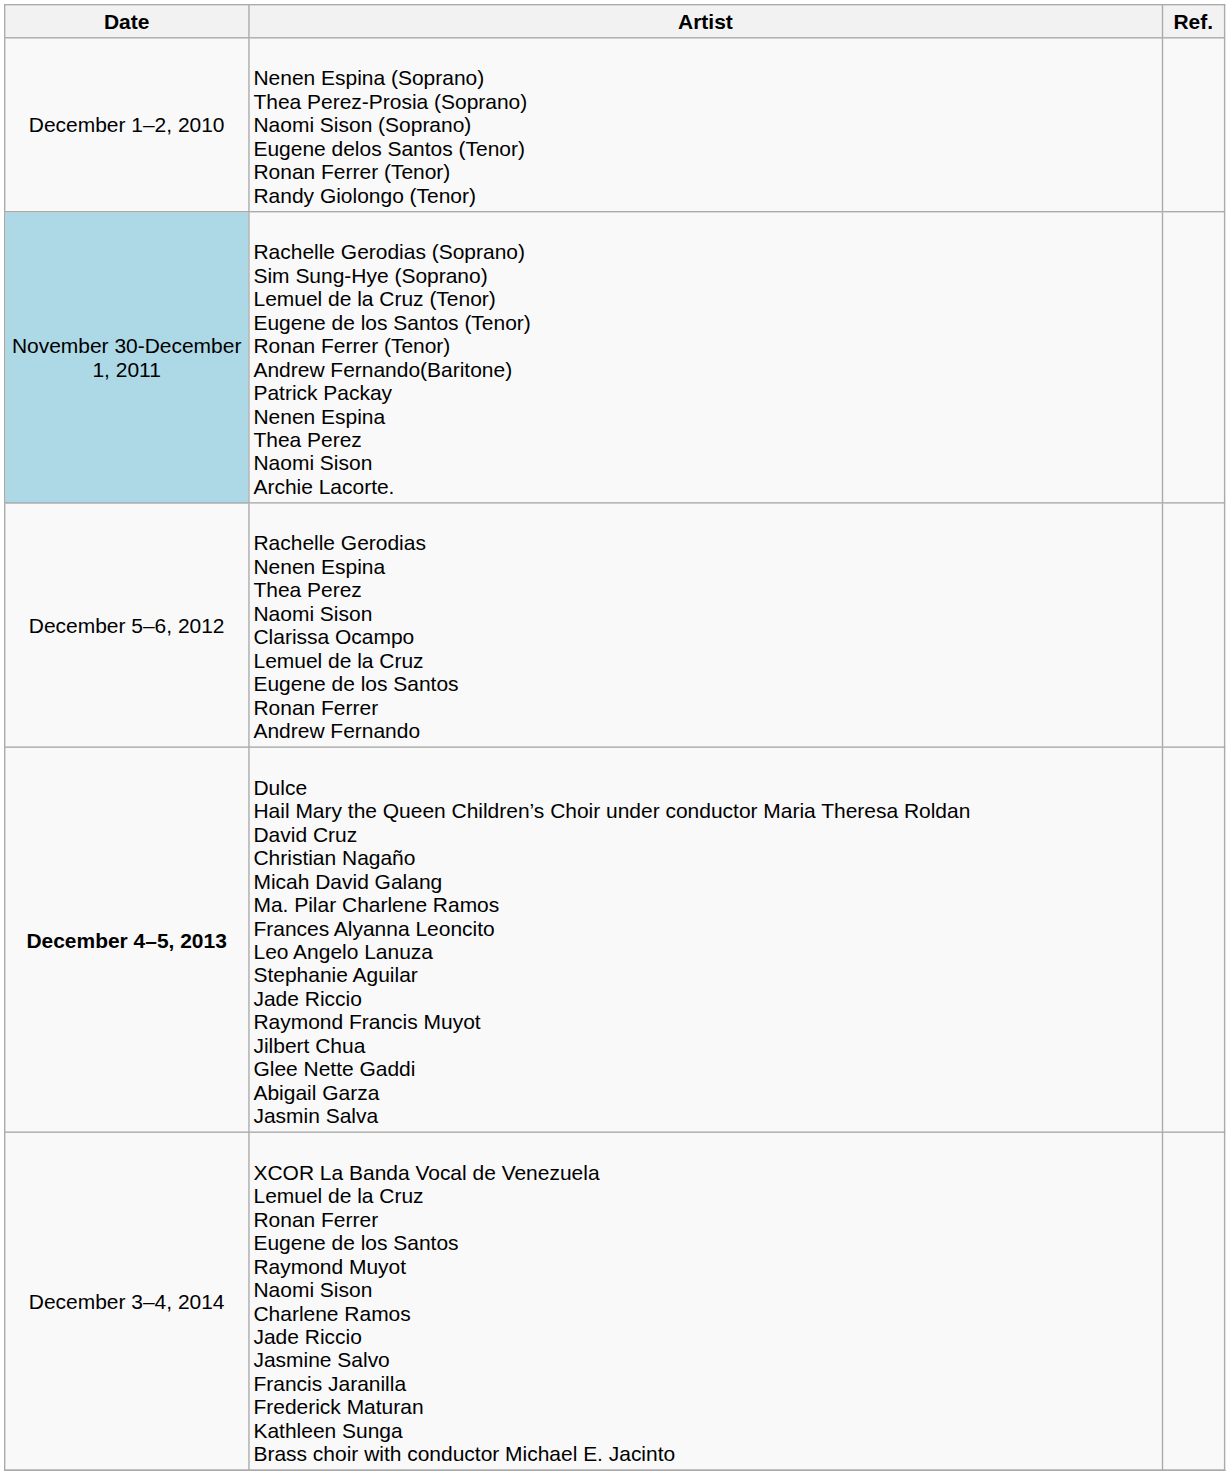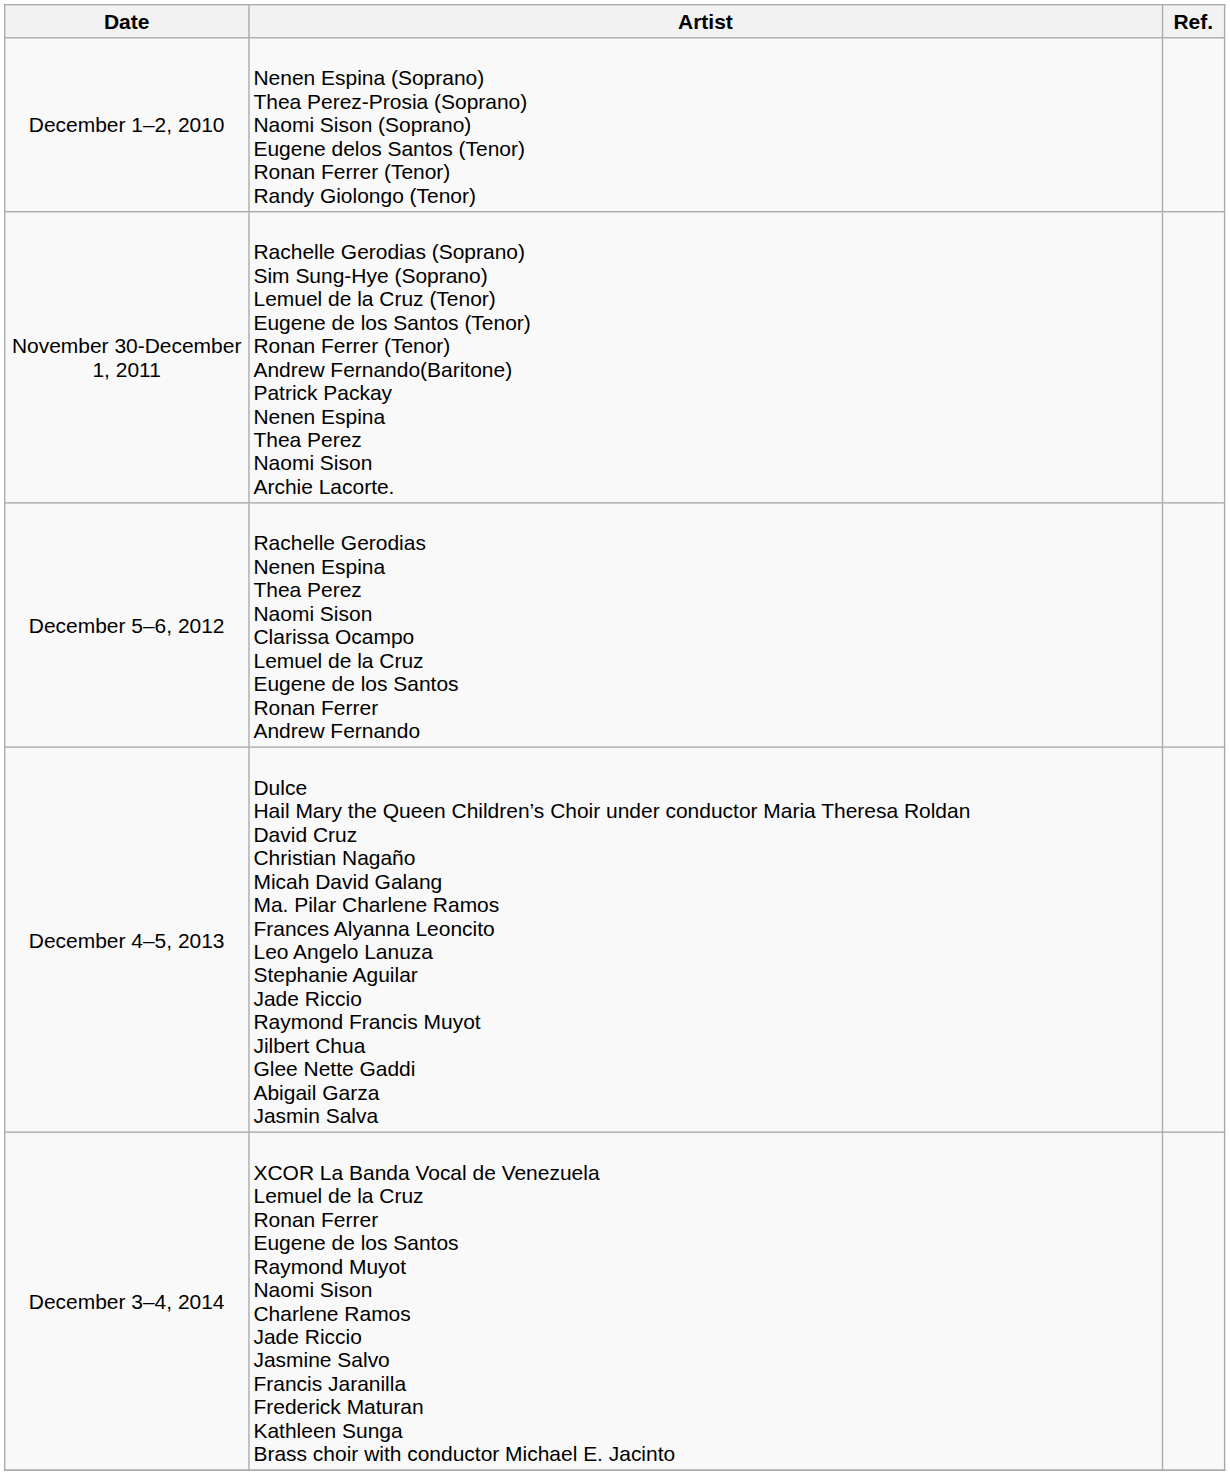 <table class="wikitable" width="70%" style="font-size: 95%">
 <tr>
 <th width='20%'>Date</th>
 <th !width='77%'>Artist</th>
 <th !width='3%'>Ref.</th>
 </tr>
 <tr>
 <td align="center">December 1–2, 2010</td>
 <td><br>Nenen Espina (Soprano)<br>  Thea Perez-Prosia (Soprano)<br>  Naomi Sison (Soprano)<br>  Eugene delos Santos (Tenor)<br> Ronan Ferrer (Tenor)<br> Randy Giolongo (Tenor)<br></td>
 <td align="center"></td>
 </tr>
 <tr>
-<td align="center" style="background: lightblue;">November 30-December 1, 2011</td>
+<td align="center">November 30-December 1, 2011</td>
 <td><br>Rachelle Gerodias (Soprano)<br> Sim Sung-Hye (Soprano)<br> Lemuel de la Cruz (Tenor)<br> Eugene de los Santos (Tenor)<br>  Ronan Ferrer (Tenor)<br> Andrew Fernando(Baritone)<br> Patrick Packay<br> Nenen Espina<br> Thea Perez<br> Naomi Sison<br> Archie Lacorte.<br></td>
 <td align="center"></td>
 </tr>
 <tr>
 <td align="center">December 5–6, 2012</td>
 <td><br>Rachelle Gerodias<br> Nenen Espina<br> Thea Perez<br> Naomi Sison<br> Clarissa Ocampo<br> Lemuel de la Cruz<br> Eugene de los Santos<br> Ronan Ferrer<br> Andrew Fernando<br></td>
 <td align="center"></td>
 </tr>
 <tr>
-<td align="center"><strong>December 4–5, 2013</strong></td>
+<td align="center">December 4–5, 2013</td>
 <td><br>Dulce<br> Hail Mary the Queen Children’s Choir under conductor Maria Theresa Roldan<br> David Cruz<br> Christian Nagaño<br> Micah David Galang<br> Ma. Pilar Charlene Ramos<br> Frances Alyanna Leoncito<br> Leo Angelo Lanuza<br> Stephanie Aguilar<br> Jade Riccio<br> Raymond Francis Muyot<br> Jilbert Chua<br> Glee Nette Gaddi<br> Abigail Garza<br> Jasmin Salva<br></td>
 <td align="center"></td>
 </tr>
 <tr>
 <td align="center">December 3–4, 2014</td>
 <td><br>XCOR La Banda Vocal de Venezuela <br> Lemuel de la Cruz<br> Ronan Ferrer<br> Eugene de los Santos<br> Raymond Muyot<br> Naomi Sison<br>  Charlene Ramos<br> Jade Riccio<br> Jasmine Salvo<br> Francis Jaranilla<br>  Frederick Maturan<br> Kathleen Sunga<br>  Brass choir with conductor Michael E. Jacinto</td>
 <td align="center"></td>
 </tr>
 <tr>
 </tr>
 </table>
